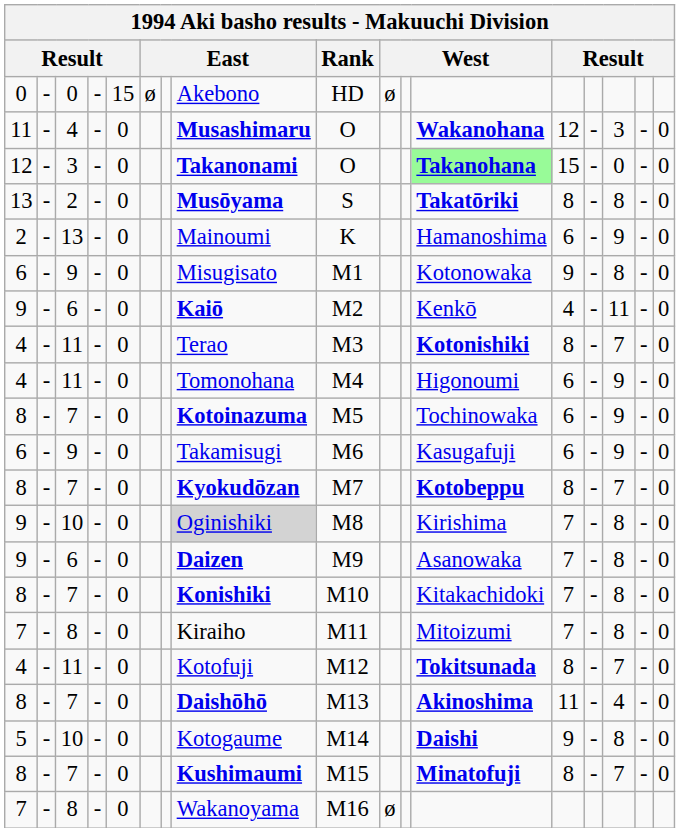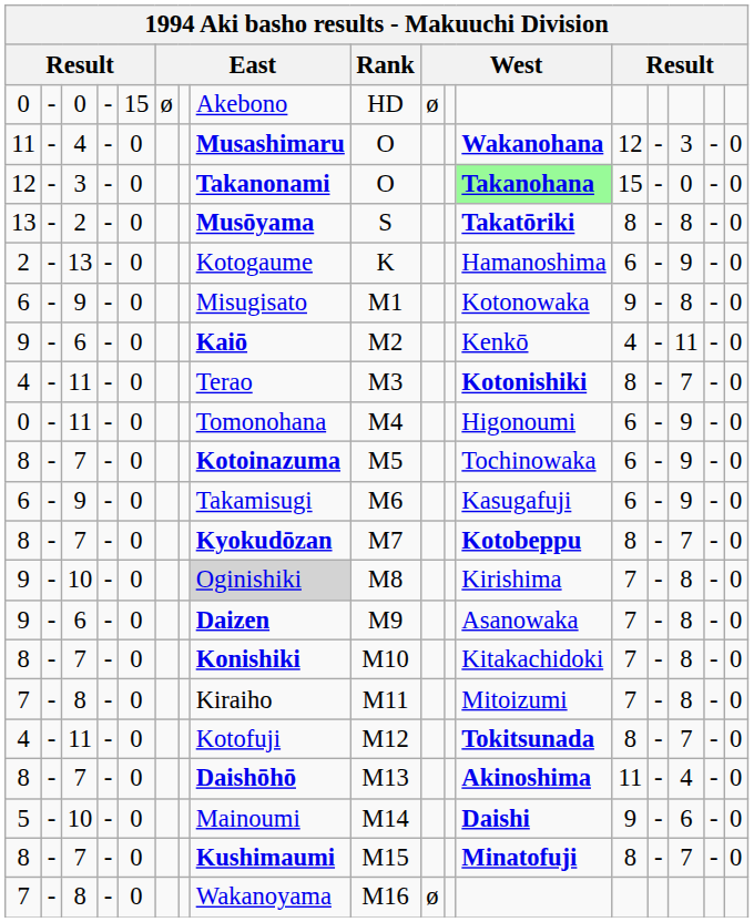 <table class="wikitable">
 <tr>
 <th colspan="17">1994 Aki basho results - Makuuchi Division</th>
 </tr>
 <tr>
 <th colspan="5">Result</th>
 <th colspan="3">East</th>
 <th>Rank</th>
 <th colspan="3">West</th>
 <th colspan="5">Result</th>
 </tr>
 <tr>
 <td align=center>0</td>
 <td align=center>-</td>
 <td align=center>0</td>
 <td align=center>-</td>
 <td align=center>15</td>
 <td align=center>ø</td>
 <td align=center></td>
 <td><a href='#'>Akebono</a></td>
 <td align=center>HD</td>
 <td align=center>ø</td>
 <td align=center></td>
 <td></td>
 <td align=center></td>
 <td align=center></td>
 <td align=center></td>
 <td align=center></td>
 <td align=center></td>
 </tr>
 <tr>
 <td align=center>11</td>
 <td align=center>-</td>
 <td align=center>4</td>
 <td align=center>-</td>
 <td align=center>0</td>
 <td align=center></td>
 <td align=center></td>
 <td><strong><a href='#'>Musashimaru</a></strong></td>
 <td align=center>O</td>
 <td align=center></td>
 <td align=center></td>
 <td><strong><a href='#'>Wakanohana</a></strong></td>
 <td align=center>12</td>
 <td align=center>-</td>
 <td align=center>3</td>
 <td align=center>-</td>
 <td align=center>0</td>
 </tr>
 <tr>
 <td align=center>12</td>
 <td align=center>-</td>
 <td align=center>3</td>
 <td align=center>-</td>
 <td align=center>0</td>
 <td align=center></td>
 <td align=center></td>
 <td><strong><a href='#'>Takanonami</a></strong></td>
 <td align=center>O</td>
 <td align=center></td>
 <td align=center></td>
 <td style="background: PaleGreen;"><strong><a href='#'>Takanohana</a></strong></td>
 <td align=center>15</td>
 <td align=center>-</td>
 <td align=center>0</td>
 <td align=center>-</td>
 <td align=center>0</td>
 </tr>
 <tr>
 <td align=center>13</td>
 <td align=center>-</td>
 <td align=center>2</td>
 <td align=center>-</td>
 <td align=center>0</td>
 <td align=center></td>
 <td align=center></td>
 <td><strong><a href='#'>Musōyama</a></strong></td>
 <td align=center>S</td>
 <td align=center></td>
 <td align=center></td>
 <td><strong><a href='#'>Takatōriki</a></strong></td>
 <td align=center>8</td>
 <td align=center>-</td>
 <td align=center>8</td>
 <td align=center>-</td>
 <td align=center>0</td>
 </tr>
 <tr>
 <td align=center>2</td>
 <td align=center>-</td>
 <td align=center>13</td>
 <td align=center>-</td>
 <td align=center>0</td>
 <td align=center></td>
 <td align=center></td>
-<td><a href='#'>Mainoumi</a></td>
+<td><a href='#'>Kotogaume</a></td>
 <td align=center>K</td>
 <td align=center></td>
 <td align=center></td>
 <td><a href='#'>Hamanoshima</a></td>
 <td align=center>6</td>
 <td align=center>-</td>
 <td align=center>9</td>
 <td align=center>-</td>
 <td align=center>0</td>
 </tr>
 <tr>
 <td align=center>6</td>
 <td align=center>-</td>
 <td align=center>9</td>
 <td align=center>-</td>
 <td align=center>0</td>
 <td align=center></td>
 <td align=center></td>
 <td><a href='#'>Misugisato</a></td>
 <td align=center>M1</td>
 <td align=center></td>
 <td align=center></td>
 <td><a href='#'>Kotonowaka</a></td>
 <td align=center>9</td>
 <td align=center>-</td>
 <td align=center>8</td>
 <td align=center>-</td>
 <td align=center>0</td>
 </tr>
 <tr>
 <td align=center>9</td>
 <td align=center>-</td>
 <td align=center>6</td>
 <td align=center>-</td>
 <td align=center>0</td>
 <td align=center></td>
 <td align=center></td>
 <td><strong><a href='#'>Kaiō</a></strong></td>
 <td align=center>M2</td>
 <td align=center></td>
 <td align=center></td>
 <td><a href='#'>Kenkō</a></td>
 <td align=center>4</td>
 <td align=center>-</td>
 <td align=center>11</td>
 <td align=center>-</td>
 <td align=center>0</td>
 </tr>
 <tr>
 <td align=center>4</td>
 <td align=center>-</td>
 <td align=center>11</td>
 <td align=center>-</td>
 <td align=center>0</td>
 <td align=center></td>
 <td align=center></td>
 <td><a href='#'>Terao</a></td>
 <td align=center>M3</td>
 <td align=center></td>
 <td align=center></td>
 <td><strong><a href='#'>Kotonishiki</a></strong></td>
 <td align=center>8</td>
 <td align=center>-</td>
 <td align=center>7</td>
 <td align=center>-</td>
 <td align=center>0</td>
 </tr>
 <tr>
-<td align=center>4</td>
+<td align=center>0</td>
 <td align=center>-</td>
 <td align=center>11</td>
 <td align=center>-</td>
 <td align=center>0</td>
 <td align=center></td>
 <td align=center></td>
 <td><a href='#'>Tomonohana</a></td>
 <td align=center>M4</td>
 <td align=center></td>
 <td align=center></td>
 <td><a href='#'>Higonoumi</a></td>
 <td align=center>6</td>
 <td align=center>-</td>
 <td align=center>9</td>
 <td align=center>-</td>
 <td align=center>0</td>
 </tr>
 <tr>
 <td align=center>8</td>
 <td align=center>-</td>
 <td align=center>7</td>
 <td align=center>-</td>
 <td align=center>0</td>
 <td align=center></td>
 <td align=center></td>
 <td><strong><a href='#'>Kotoinazuma</a></strong></td>
 <td align=center>M5</td>
 <td align=center></td>
 <td align=center></td>
 <td><a href='#'>Tochinowaka</a></td>
 <td align=center>6</td>
 <td align=center>-</td>
 <td align=center>9</td>
 <td align=center>-</td>
 <td align=center>0</td>
 </tr>
 <tr>
 <td align=center>6</td>
 <td align=center>-</td>
 <td align=center>9</td>
 <td align=center>-</td>
 <td align=center>0</td>
 <td align=center></td>
 <td align=center></td>
 <td><a href='#'>Takamisugi</a></td>
 <td align=center>M6</td>
 <td align=center></td>
 <td align=center></td>
 <td><a href='#'>Kasugafuji</a></td>
 <td align=center>6</td>
 <td align=center>-</td>
 <td align=center>9</td>
 <td align=center>-</td>
 <td align=center>0</td>
 </tr>
 <tr>
 <td align=center>8</td>
 <td align=center>-</td>
 <td align=center>7</td>
 <td align=center>-</td>
 <td align=center>0</td>
 <td align=center></td>
 <td align=center></td>
 <td><strong><a href='#'>Kyokudōzan</a></strong></td>
 <td align=center>M7</td>
 <td align=center></td>
 <td align=center></td>
 <td><strong><a href='#'>Kotobeppu</a></strong></td>
 <td align=center>8</td>
 <td align=center>-</td>
 <td align=center>7</td>
 <td align=center>-</td>
 <td align=center>0</td>
 </tr>
 <tr>
 <td align=center>9</td>
 <td align=center>-</td>
 <td align=center>10</td>
 <td align=center>-</td>
 <td align=center>0</td>
 <td align=center></td>
 <td align=center></td>
 <td style="background: lightgrey;"><a href='#'>Oginishiki</a></td>
 <td align=center>M8</td>
 <td align=center></td>
 <td align=center></td>
 <td><a href='#'>Kirishima</a></td>
 <td align=center>7</td>
 <td align=center>-</td>
 <td align=center>8</td>
 <td align=center>-</td>
 <td align=center>0</td>
 </tr>
 <tr>
 <td align=center>9</td>
 <td align=center>-</td>
 <td align=center>6</td>
 <td align=center>-</td>
 <td align=center>0</td>
 <td align=center></td>
 <td align=center></td>
 <td><strong><a href='#'>Daizen</a></strong></td>
 <td align=center>M9</td>
 <td align=center></td>
 <td align=center></td>
 <td><a href='#'>Asanowaka</a></td>
 <td align=center>7</td>
 <td align=center>-</td>
 <td align=center>8</td>
 <td align=center>-</td>
 <td align=center>0</td>
 </tr>
 <tr>
 <td align=center>8</td>
 <td align=center>-</td>
 <td align=center>7</td>
 <td align=center>-</td>
 <td align=center>0</td>
 <td align=center></td>
 <td align=center></td>
 <td><strong><a href='#'>Konishiki</a></strong></td>
 <td align=center>M10</td>
 <td align=center></td>
 <td align=center></td>
 <td><a href='#'>Kitakachidoki</a></td>
 <td align=center>7</td>
 <td align=center>-</td>
 <td align=center>8</td>
 <td align=center>-</td>
 <td align=center>0</td>
 </tr>
 <tr>
 <td align=center>7</td>
 <td align=center>-</td>
 <td align=center>8</td>
 <td align=center>-</td>
 <td align=center>0</td>
 <td align=center></td>
 <td align=center></td>
 <td>Kiraiho</td>
 <td align=center>M11</td>
 <td align=center></td>
 <td align=center></td>
 <td><a href='#'>Mitoizumi</a></td>
 <td align=center>7</td>
 <td align=center>-</td>
 <td align=center>8</td>
 <td align=center>-</td>
 <td align=center>0</td>
 </tr>
 <tr>
 <td align=center>4</td>
 <td align=center>-</td>
 <td align=center>11</td>
 <td align=center>-</td>
 <td align=center>0</td>
 <td align=center></td>
 <td align=center></td>
 <td><a href='#'>Kotofuji</a></td>
 <td align=center>M12</td>
 <td align=center></td>
 <td align=center></td>
 <td><strong><a href='#'>Tokitsunada</a></strong></td>
 <td align=center>8</td>
 <td align=center>-</td>
 <td align=center>7</td>
 <td align=center>-</td>
 <td align=center>0</td>
 </tr>
 <tr>
 <td align=center>8</td>
 <td align=center>-</td>
 <td align=center>7</td>
 <td align=center>-</td>
 <td align=center>0</td>
 <td align=center></td>
 <td align=center></td>
 <td><strong><a href='#'>Daishōhō</a></strong></td>
 <td align=center>M13</td>
 <td align=center></td>
 <td align=center></td>
 <td><strong><a href='#'>Akinoshima</a></strong></td>
 <td align=center>11</td>
 <td align=center>-</td>
 <td align=center>4</td>
 <td align=center>-</td>
 <td align=center>0</td>
 </tr>
 <tr>
 <td align=center>5</td>
 <td align=center>-</td>
 <td align=center>10</td>
 <td align=center>-</td>
 <td align=center>0</td>
 <td align=center></td>
 <td align=center></td>
-<td><a href='#'>Kotogaume</a></td>
+<td><a href='#'>Mainoumi</a></td>
 <td align=center>M14</td>
 <td align=center></td>
 <td align=center></td>
 <td><strong><a href='#'>Daishi</a></strong></td>
 <td align=center>9</td>
 <td align=center>-</td>
-<td align=center>8</td>
+<td align=center>6</td>
 <td align=center>-</td>
 <td align=center>0</td>
 </tr>
 <tr>
 <td align=center>8</td>
 <td align=center>-</td>
 <td align=center>7</td>
 <td align=center>-</td>
 <td align=center>0</td>
 <td align=center></td>
 <td align=center></td>
 <td><strong><a href='#'>Kushimaumi</a></strong></td>
 <td align=center>M15</td>
 <td align=center></td>
 <td align=center></td>
 <td><strong><a href='#'>Minatofuji</a></strong></td>
 <td align=center>8</td>
 <td align=center>-</td>
 <td align=center>7</td>
 <td align=center>-</td>
 <td align=center>0</td>
 </tr>
 <tr>
 <td align=center>7</td>
 <td align=center>-</td>
 <td align=center>8</td>
 <td align=center>-</td>
 <td align=center>0</td>
 <td align=center></td>
 <td align=center></td>
 <td><a href='#'>Wakanoyama</a></td>
 <td align=center>M16</td>
 <td align=center>ø</td>
 <td align=center></td>
 <td></td>
 <td align=center></td>
 <td align=center></td>
 <td align=center></td>
 <td align=center></td>
 <td align=center></td>
 </tr>
 </table>
